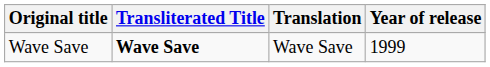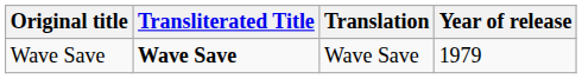 <table class="wikitable">
 <tr>
 <th>Original title</th>
 <th><a href='#'>Transliterated Title</a></th>
 <th>Translation</th>
 <th>Year of release</th>
 </tr>
 <tr>
 <td>Wave Save</td>
 <td><strong>Wave Save</strong></td>
 <td>Wave Save</td>
-<td>1999</td>
+<td>1979</td>
 </tr>
 </table>
